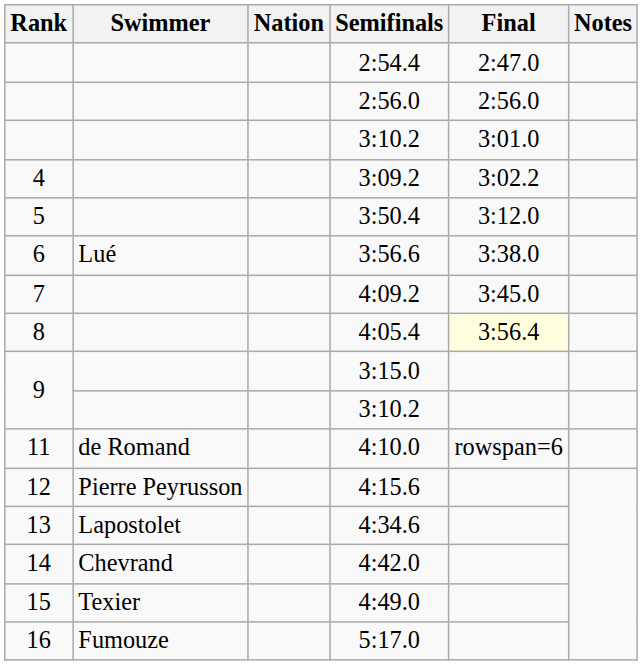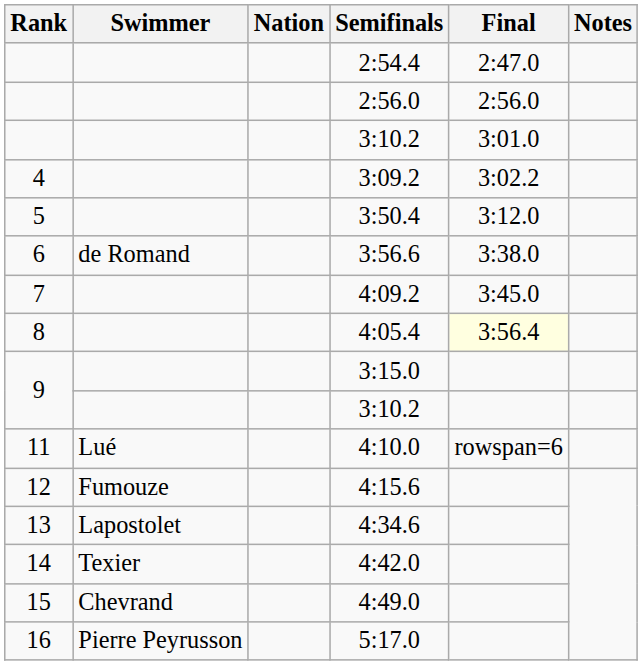 <table class="wikitable sortable" style="text-align:center">
 <tr>
 <th>Rank</th>
 <th>Swimmer</th>
 <th>Nation</th>
 <th>Semifinals</th>
 <th>Final</th>
 <th>Notes</th>
 </tr>
 <tr>
 <td></td>
 <td align=left></td>
 <td align=left></td>
 <td>2:54.4</td>
 <td>2:47.0</td>
 <td></td>
 </tr>
 <tr>
 <td></td>
 <td align=left></td>
 <td align=left></td>
 <td>2:56.0</td>
 <td>2:56.0</td>
 <td></td>
 </tr>
 <tr>
 <td></td>
 <td align=left></td>
 <td align=left></td>
 <td>3:10.2</td>
 <td>3:01.0</td>
 <td></td>
 </tr>
 <tr>
 <td>4</td>
 <td align=left></td>
 <td align=left></td>
 <td>3:09.2</td>
 <td>3:02.2</td>
 <td></td>
 </tr>
 <tr>
 <td>5</td>
 <td align=left></td>
 <td align=left></td>
 <td>3:50.4</td>
 <td>3:12.0</td>
 <td></td>
 </tr>
 <tr>
 <td>6</td>
-<td align=left>Lué</td>
+<td align=left>de Romand</td>
 <td align=left></td>
 <td>3:56.6</td>
 <td>3:38.0</td>
 <td></td>
 </tr>
 <tr>
 <td>7</td>
 <td align=left></td>
 <td align=left></td>
 <td>4:09.2</td>
 <td>3:45.0</td>
 <td></td>
 </tr>
 <tr>
 <td>8</td>
 <td align=left></td>
 <td align=left></td>
 <td>4:05.4</td>
 <td style="background: lightyellow;">3:56.4</td>
 <td></td>
 </tr>
 <tr>
 <td rowspan=2>9</td>
 <td align=left></td>
 <td align=left></td>
 <td>3:15.0</td>
 <td data-sort-value=9:99.9></td>
 <td></td>
 </tr>
 <tr>
 <td align=left></td>
 <td align=left></td>
 <td>3:10.2</td>
 <td data-sort-value=9:99.9></td>
 <td></td>
 </tr>
 <tr>
 <td>11</td>
-<td align=left>de Romand</td>
+<td align=left>Lué</td>
 <td align=left></td>
 <td>4:10.0</td>
 <td>rowspan=6 </td>
 <td></td>
 </tr>
 <tr>
 <td>12</td>
-<td align=left>Pierre Peyrusson</td>
+<td align=left>Fumouze</td>
 <td align=left></td>
 <td>4:15.6</td>
 <td></td>
 </tr>
 <tr>
 <td>13</td>
 <td align=left>Lapostolet</td>
 <td align=left></td>
 <td>4:34.6</td>
 <td></td>
 </tr>
 <tr>
 <td>14</td>
-<td align=left>Chevrand</td>
+<td align=left>Texier</td>
 <td align=left></td>
 <td>4:42.0</td>
 <td></td>
 </tr>
 <tr>
 <td>15</td>
-<td align=left>Texier</td>
+<td align=left>Chevrand</td>
 <td align=left></td>
 <td>4:49.0</td>
 <td></td>
 </tr>
 <tr>
 <td>16</td>
-<td align=left>Fumouze</td>
+<td align=left>Pierre Peyrusson</td>
 <td align=left></td>
 <td>5:17.0</td>
 <td></td>
 </tr>
 </table>
